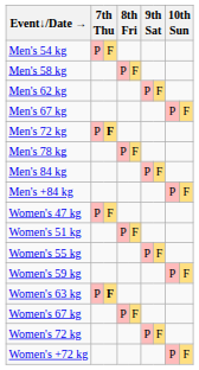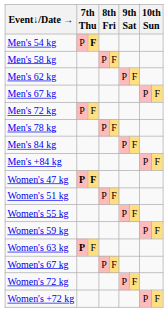 <table class="wikitable" style="margin:0.5em auto; font-size:90%; line-height:1.25em; text-align:center;">
 <tr>
 <th>Event↓/Date →</th>
 <th colspan=2>7th<br>Thu</th>
 <th colspan=2>8th<br>Fri</th>
 <th colspan=2>9th<br>Sat</th>
 <th colspan=2>10th<br>Sun</th>
 </tr>
 <tr>
 <td align="left"><a href='#'>Men's 54 kg</a></td>
 <td bgcolor="#FFBBBB">P</td>
-<td bgcolor="#FFDF80">F</td>
+<td bgcolor="#FFDF80"><strong>F</strong></td>
 <td colspan=2></td>
 <td colspan=2></td>
 <td colspan=2></td>
 </tr>
 <tr>
 <td align="left"><a href='#'>Men's 58 kg</a></td>
 <td colspan=2></td>
 <td bgcolor="#FFBBBB">P</td>
 <td bgcolor="#FFDF80">F</td>
 <td colspan=2></td>
 <td colspan=2></td>
 </tr>
 <tr>
 <td align="left"><a href='#'>Men's 62 kg</a></td>
 <td colspan=2></td>
 <td colspan=2></td>
 <td bgcolor="#FFBBBB">P</td>
 <td bgcolor="#FFDF80">F</td>
 <td colspan=2></td>
 </tr>
 <tr>
 <td align="left"><a href='#'>Men's 67 kg</a></td>
 <td colspan=2></td>
 <td colspan=2></td>
 <td colspan=2></td>
 <td bgcolor="#FFBBBB">P</td>
 <td bgcolor="#FFDF80">F</td>
 </tr>
 <tr>
 <td align="left"><a href='#'>Men's 72 kg</a></td>
 <td bgcolor="#FFBBBB">P</td>
-<td bgcolor="#FFDF80"><strong>F</strong></td>
+<td bgcolor="#FFDF80">F</td>
 <td colspan=2></td>
 <td colspan=2></td>
 <td colspan=2></td>
 </tr>
 <tr>
 <td align="left"><a href='#'>Men's 78 kg</a></td>
 <td colspan=2></td>
 <td bgcolor="#FFBBBB">P</td>
 <td bgcolor="#FFDF80">F</td>
 <td colspan=2></td>
 <td colspan=2></td>
 </tr>
 <tr>
 <td align="left"><a href='#'>Men's 84 kg</a></td>
 <td colspan=2></td>
 <td colspan=2></td>
 <td bgcolor="#FFBBBB">P</td>
 <td bgcolor="#FFDF80">F</td>
 <td colspan=2></td>
 </tr>
 <tr>
 <td align="left"><a href='#'>Men's +84 kg</a></td>
 <td colspan=2></td>
 <td colspan=2></td>
 <td colspan=2></td>
 <td bgcolor="#FFBBBB">P</td>
 <td bgcolor="#FFDF80">F</td>
 </tr>
 <tr>
 <td align="left"><a href='#'>Women's 47 kg</a></td>
-<td bgcolor="#FFBBBB">P</td>
-<td bgcolor="#FFDF80">F</td>
+<td bgcolor="#FFBBBB"><strong>P</strong></td>
+<td bgcolor="#FFDF80"><strong>F</strong></td>
 <td colspan=2></td>
 <td colspan=2></td>
 <td colspan=2></td>
 </tr>
 <tr>
 <td align="left"><a href='#'>Women's 51 kg</a></td>
 <td colspan=2></td>
 <td bgcolor="#FFBBBB">P</td>
 <td bgcolor="#FFDF80">F</td>
 <td colspan=2></td>
 <td colspan=2></td>
 </tr>
 <tr>
 <td align="left"><a href='#'>Women's 55 kg</a></td>
 <td colspan=2></td>
 <td colspan=2></td>
 <td bgcolor="#FFBBBB">P</td>
 <td bgcolor="#FFDF80">F</td>
 <td colspan=2></td>
 </tr>
 <tr>
 <td align="left"><a href='#'>Women's 59 kg</a></td>
 <td colspan=2></td>
 <td colspan=2></td>
 <td colspan=2></td>
 <td bgcolor="#FFBBBB">P</td>
 <td bgcolor="#FFDF80">F</td>
 </tr>
 <tr>
 <td align="left"><a href='#'>Women's 63 kg</a></td>
-<td bgcolor="#FFBBBB">P</td>
-<td bgcolor="#FFDF80"><strong>F</strong></td>
+<td bgcolor="#FFBBBB"><strong>P</strong></td>
+<td bgcolor="#FFDF80">F</td>
 <td colspan=2></td>
 <td colspan=2></td>
 <td colspan=2></td>
 </tr>
 <tr>
 <td align="left"><a href='#'>Women's 67 kg</a></td>
 <td colspan=2></td>
 <td bgcolor="#FFBBBB">P</td>
 <td bgcolor="#FFDF80">F</td>
 <td colspan=2></td>
 <td colspan=2></td>
 </tr>
 <tr>
 <td align="left"><a href='#'>Women's 72 kg</a></td>
 <td colspan=2></td>
 <td colspan=2></td>
 <td bgcolor="#FFBBBB">P</td>
 <td bgcolor="#FFDF80">F</td>
 <td colspan=2></td>
 </tr>
 <tr>
 <td align="left"><a href='#'>Women's +72 kg</a></td>
 <td colspan=2></td>
 <td colspan=2></td>
 <td colspan=2></td>
 <td bgcolor="#FFBBBB">P</td>
 <td bgcolor="#FFDF80">F</td>
 </tr>
 </table>
